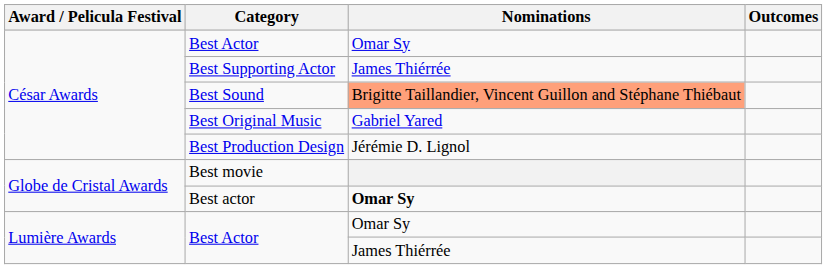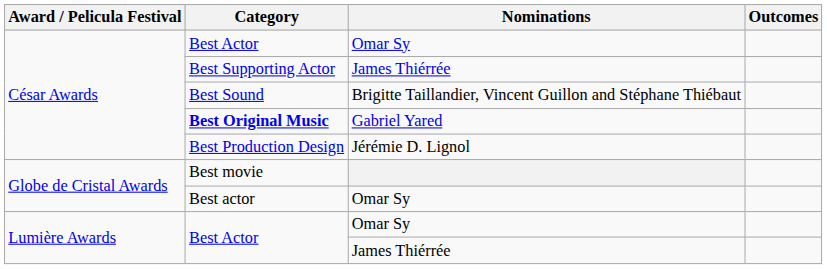 <table class="wikitable plainrowheaders sortable">
 <tr style="background:#ccc; text-align:center;">
 <th scope="col">Award / Pelicula Festival</th>
 <th scope="col">Category</th>
 <th scope="col">Nominations</th>
 <th scope="col">Outcomes</th>
 </tr>
 <tr>
 <td rowspan=5><a href='#'>César Awards</a></td>
 <td><a href='#'>Best Actor</a></td>
 <td><a href='#'>Omar Sy</a></td>
 <td></td>
 </tr>
 <tr>
 <td><a href='#'>Best Supporting Actor</a></td>
 <td><a href='#'>James Thiérrée</a></td>
 <td></td>
 </tr>
 <tr>
 <td><a href='#'>Best Sound</a></td>
-<td style="background: lightsalmon;">Brigitte Taillandier, Vincent Guillon and Stéphane Thiébaut</td>
+<td>Brigitte Taillandier, Vincent Guillon and Stéphane Thiébaut</td>
 <td></td>
 </tr>
 <tr>
-<td><a href='#'>Best Original Music</a></td>
+<td><strong><a href='#'>Best Original Music</a></strong></td>
 <td><a href='#'>Gabriel Yared</a></td>
 <td></td>
 </tr>
 <tr>
 <td><a href='#'>Best Production Design</a></td>
 <td>Jérémie D. Lignol</td>
 <td></td>
 </tr>
 <tr>
 <td rowspan=2><a href='#'>Globe de Cristal Awards</a></td>
 <td>Best movie</td>
 <th></th>
 <td></td>
 </tr>
 <tr>
 <td>Best actor</td>
-<td><strong>Omar Sy</strong></td>
+<td>Omar Sy</td>
 <td></td>
 </tr>
 <tr>
 <td rowspan=2><a href='#'>Lumière Awards</a></td>
 <td rowspan=2><a href='#'>Best Actor</a></td>
 <td>Omar Sy</td>
 <td></td>
 </tr>
 <tr>
 <td>James Thiérrée</td>
 <td></td>
 </tr>
 </table>
